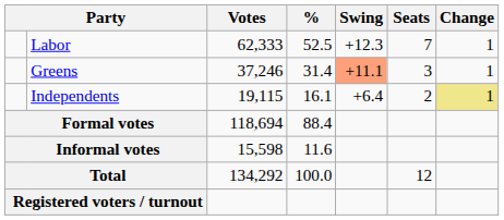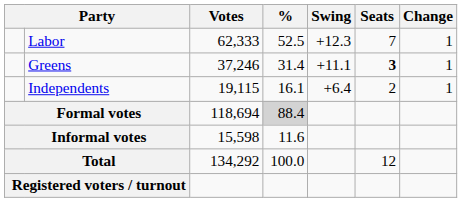 <table class="wikitable" style="text-align:right; margin-bottom:0">
 <tr>
 <th style="width:10px" colspan=3>Party</th>
 <th style="width:70px;">Votes</th>
 <th style="width:40px;">%</th>
 <th style="width:40px;">Swing</th>
 <th style="width:40px;">Seats</th>
 <th style="width:40px;">Change</th>
 </tr>
 <tr>
 <td> </td>
 <td style="text-align:left;" colspan="2"><a href='#'>Labor</a></td>
 <td>62,333</td>
 <td>52.5</td>
 <td>+12.3</td>
 <td>7</td>
 <td> 1</td>
 </tr>
 <tr>
 <td> </td>
 <td style="text-align:left;" colspan="2"><a href='#'>Greens</a></td>
 <td>37,246</td>
 <td>31.4</td>
-<td style="background: lightsalmon;">+11.1</td>
-<td>3</td>
+<td>+11.1</td>
+<td><strong>3</strong></td>
 <td> 1</td>
 </tr>
 <tr>
 <td> </td>
 <td style="text-align:left;" colspan="2"><a href='#'>Independents</a></td>
 <td>19,115</td>
 <td>16.1</td>
 <td>+6.4</td>
 <td>2</td>
-<td style="background: khaki;"> 1</td>
+<td> 1</td>
 </tr>
 <tr>
 <th colspan="3" rowspan="1"> Formal votes</th>
 <td>118,694</td>
-<td>88.4</td>
+<td style="background: lightgrey;">88.4</td>
 <td></td>
 <td></td>
 <td></td>
 </tr>
 <tr>
 <th colspan="3" rowspan="1"> Informal votes</th>
 <td>15,598</td>
 <td>11.6</td>
 <td></td>
 <td></td>
 <td></td>
 </tr>
 <tr>
 <th colspan="3" rowspan="1"> <strong>Total </strong></th>
 <td>134,292</td>
 <td>100.0</td>
 <td></td>
 <td>12</td>
 <td></td>
 </tr>
 <tr>
 <th colspan="3" rowspan="1"> Registered voters / turnout</th>
 <td></td>
 <td></td>
 <td></td>
 <td></td>
 <td></td>
 </tr>
 </table>
